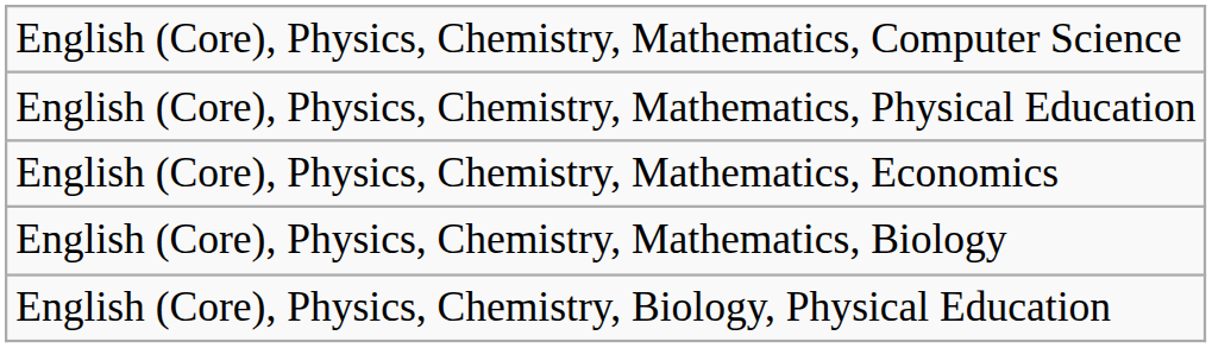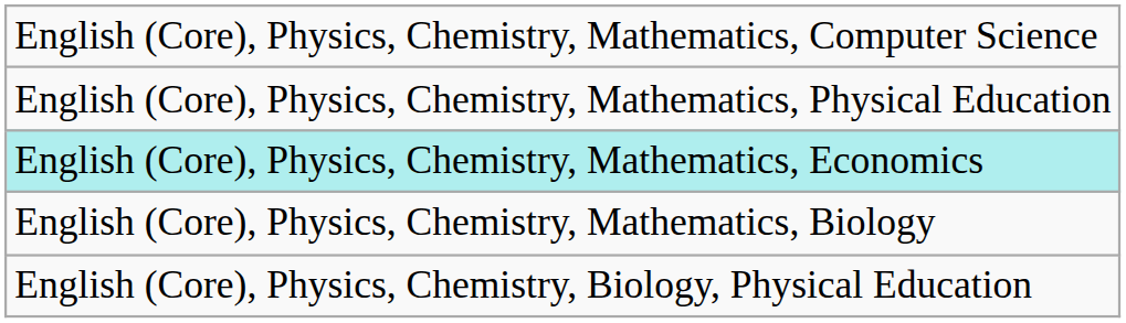 <table class="wikitable">
 <tr>
 <td>English (Core), Physics, Chemistry, Mathematics, Computer Science</td>
 </tr>
 <tr>
 <td>English (Core), Physics, Chemistry, Mathematics, Physical Education</td>
 </tr>
 <tr>
-<td>English (Core), Physics, Chemistry, Mathematics, Economics</td>
+<td style="background: paleturquoise;">English (Core), Physics, Chemistry, Mathematics, Economics</td>
 </tr>
 <tr>
 <td>English (Core), Physics, Chemistry, Mathematics, Biology</td>
 </tr>
 <tr>
 <td>English (Core), Physics, Chemistry, Biology, Physical Education</td>
 </tr>
 </table>
